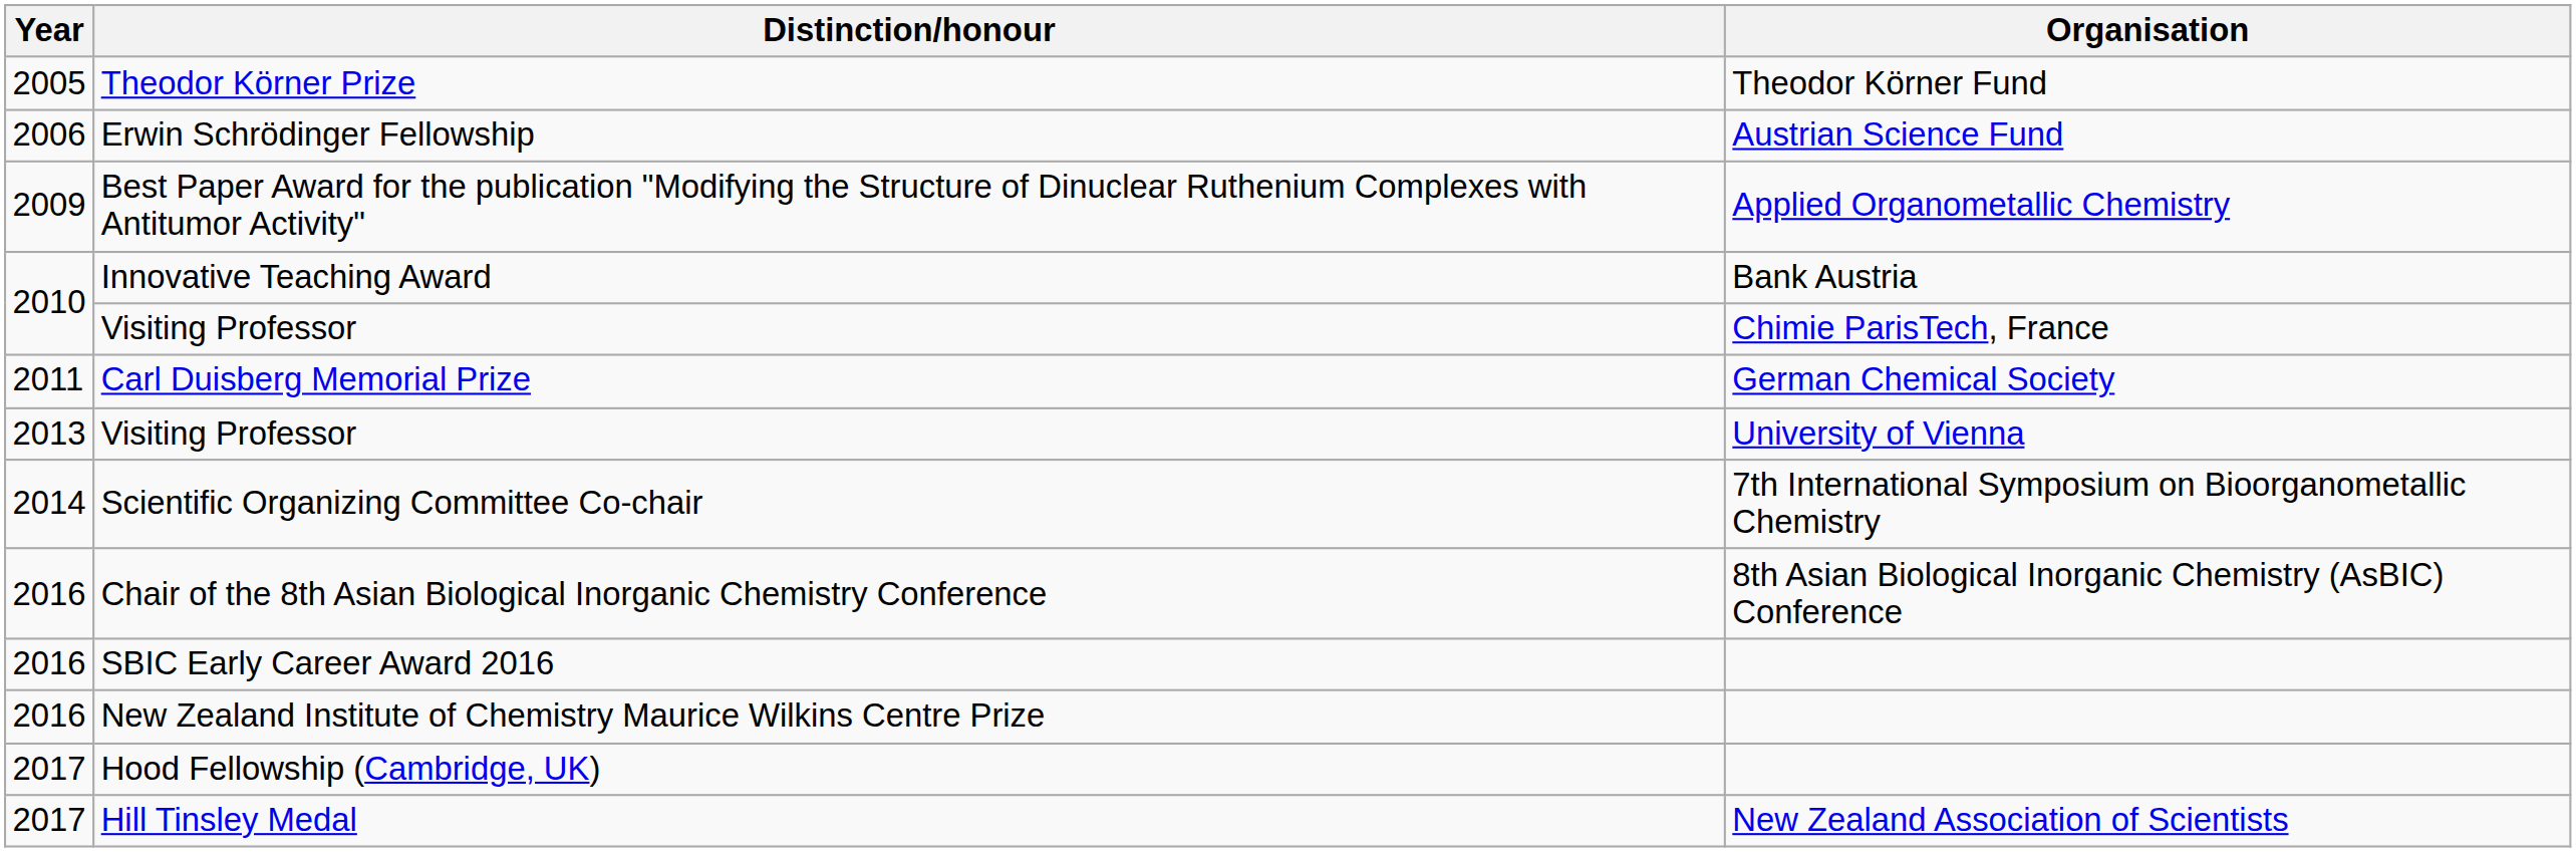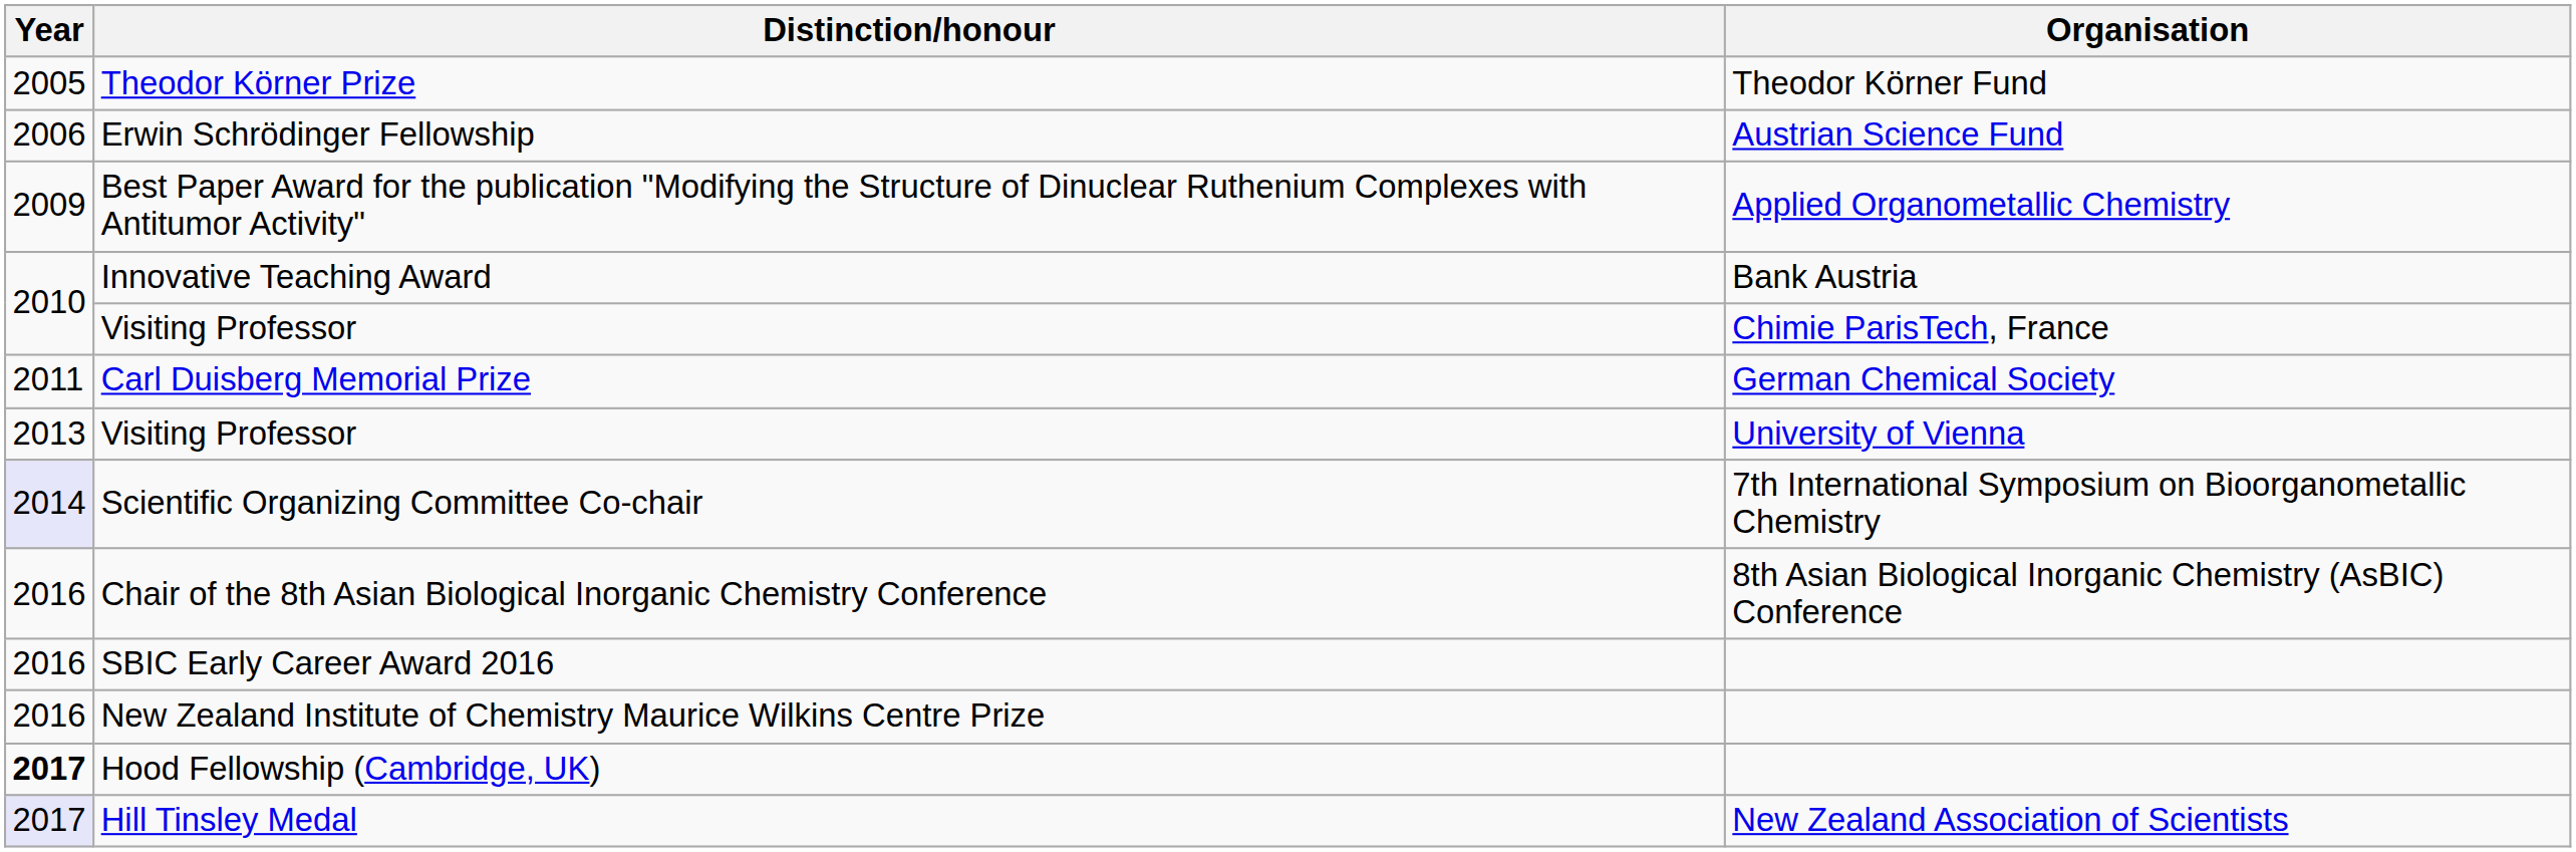 <table class="wikitable sortable">
 <tr>
 <th>Year</th>
 <th>Distinction/honour</th>
 <th>Organisation</th>
 </tr>
 <tr>
 <td>2005</td>
 <td><a href='#'>Theodor Körner Prize</a></td>
 <td>Theodor Körner Fund</td>
 </tr>
 <tr>
 <td>2006</td>
 <td>Erwin Schrödinger Fellowship</td>
 <td><a href='#'>Austrian Science Fund</a></td>
 </tr>
 <tr>
 <td>2009</td>
 <td>Best Paper Award for the publication "Modifying the Structure of Dinuclear Ruthenium Complexes with Antitumor Activity"</td>
 <td><a href='#'>Applied Organometallic Chemistry</a></td>
 </tr>
 <tr>
 <td rowspan="2">2010</td>
 <td>Innovative Teaching Award</td>
 <td>Bank Austria</td>
 </tr>
 <tr>
 <td>Visiting Professor</td>
 <td><a href='#'>Chimie ParisTech</a>, France</td>
 </tr>
 <tr>
 <td>2011</td>
 <td><a href='#'>Carl Duisberg Memorial Prize</a></td>
 <td><a href='#'>German Chemical Society</a></td>
 </tr>
 <tr>
 <td>2013</td>
 <td>Visiting Professor</td>
 <td><a href='#'>University of Vienna</a></td>
 </tr>
 <tr>
-<td>2014</td>
+<td style="background: lavender;">2014</td>
 <td>Scientific Organizing Committee Co-chair</td>
 <td>7th International Symposium on Bioorganometallic Chemistry</td>
 </tr>
 <tr>
 <td>2016</td>
 <td>Chair of the 8th Asian Biological Inorganic Chemistry Conference</td>
 <td>8th Asian Biological Inorganic Chemistry (AsBIC) Conference</td>
 </tr>
 <tr>
 <td>2016</td>
 <td>SBIC Early Career Award 2016</td>
 <td></td>
 </tr>
 <tr>
 <td>2016</td>
 <td>New Zealand Institute of Chemistry Maurice Wilkins Centre Prize</td>
 <td></td>
 </tr>
 <tr>
-<td>2017</td>
+<td><strong>2017</strong></td>
 <td>Hood Fellowship (<a href='#'>Cambridge, UK</a>)</td>
 <td></td>
 </tr>
 <tr>
-<td>2017</td>
+<td style="background: lavender;">2017</td>
 <td><a href='#'>Hill Tinsley Medal</a></td>
 <td><a href='#'>New Zealand Association of Scientists</a></td>
 </tr>
 </table>
